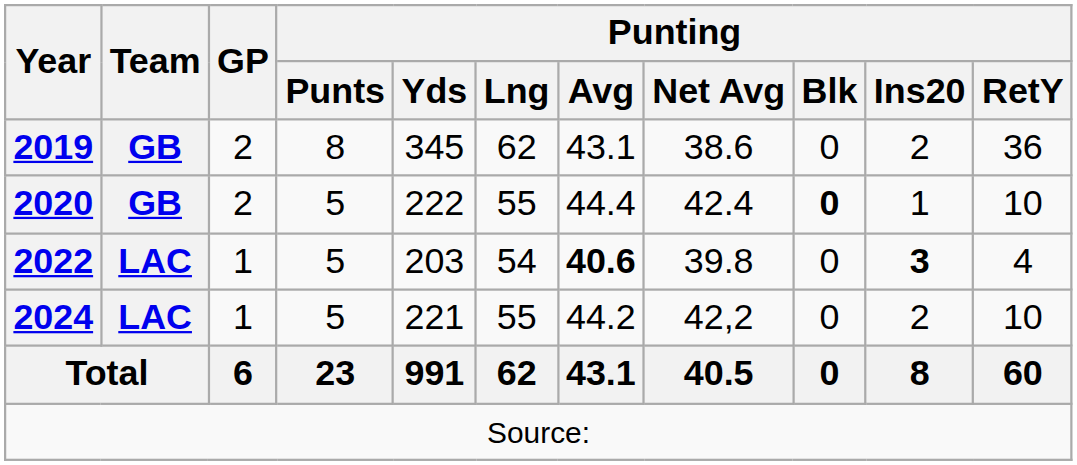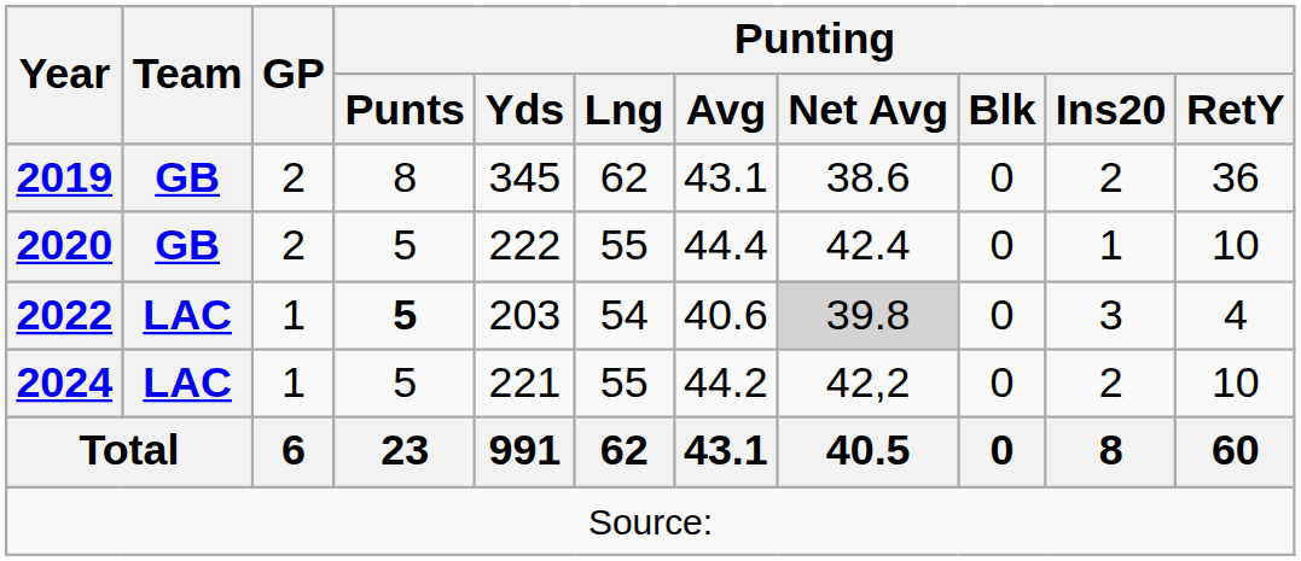 <table class="wikitable" style="text-align: center;">
 <tr>
 <th rowspan="2">Year</th>
 <th rowspan="2">Team</th>
 <th rowspan="2">GP</th>
 <th colspan="8">Punting</th>
 </tr>
 <tr>
 <th>Punts</th>
 <th>Yds</th>
 <th>Lng</th>
 <th>Avg</th>
 <th>Net Avg</th>
 <th>Blk</th>
 <th>Ins20</th>
 <th>RetY</th>
 </tr>
 <tr>
 <th><a href='#'>2019</a></th>
 <th><a href='#'>GB</a></th>
 <td>2</td>
 <td>8</td>
 <td>345</td>
 <td>62</td>
 <td>43.1</td>
 <td>38.6</td>
 <td>0</td>
 <td>2</td>
 <td>36</td>
 </tr>
 <tr>
 <th><a href='#'>2020</a></th>
 <th><a href='#'>GB</a></th>
 <td>2</td>
 <td>5</td>
 <td>222</td>
 <td>55</td>
 <td>44.4</td>
 <td>42.4</td>
-<td><strong>0</strong></td>
+<td>0</td>
 <td>1</td>
 <td>10</td>
 </tr>
 <tr>
 <th><a href='#'>2022</a></th>
 <th><a href='#'>LAC</a></th>
 <td>1</td>
-<td>5</td>
+<td><strong>5</strong></td>
 <td>203</td>
 <td>54</td>
-<td><strong>40.6</strong></td>
-<td>39.8</td>
+<td>40.6</td>
+<td style="background: lightgrey;">39.8</td>
 <td>0</td>
-<td><strong>3</strong></td>
+<td>3</td>
 <td>4</td>
 </tr>
 <tr>
 <th><a href='#'>2024</a></th>
 <th><a href='#'>LAC</a></th>
 <td>1</td>
 <td>5</td>
 <td>221</td>
 <td>55</td>
 <td>44.2</td>
 <td>42,2</td>
 <td>0</td>
 <td>2</td>
 <td>10</td>
 </tr>
 <tr>
 <th colspan="2">Total</th>
 <th>6</th>
 <th>23</th>
 <th>991</th>
 <th>62</th>
 <th>43.1</th>
 <th>40.5</th>
 <th>0</th>
 <th>8</th>
 <th>60</th>
 </tr>
 <tr>
 <td colspan="12"><small>Source: </small></td>
 </tr>
 </table>
